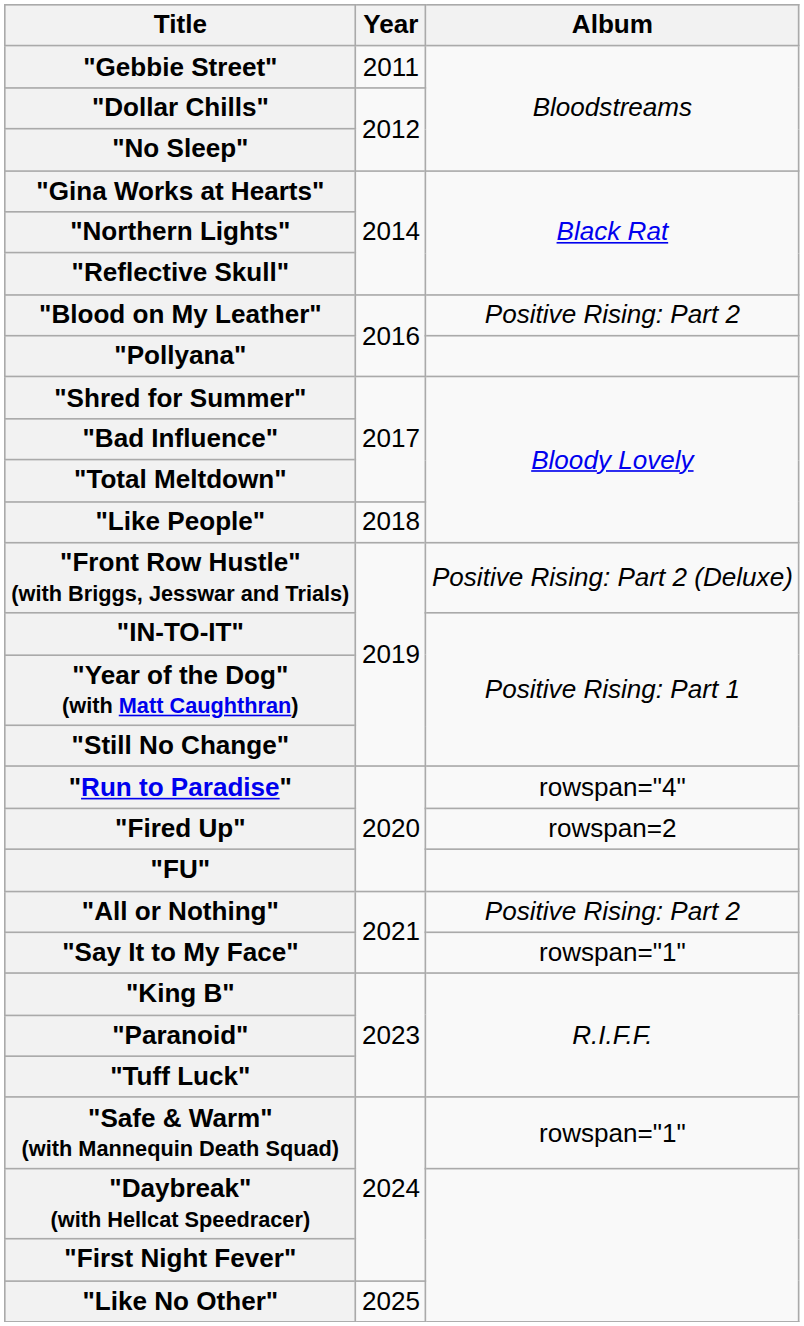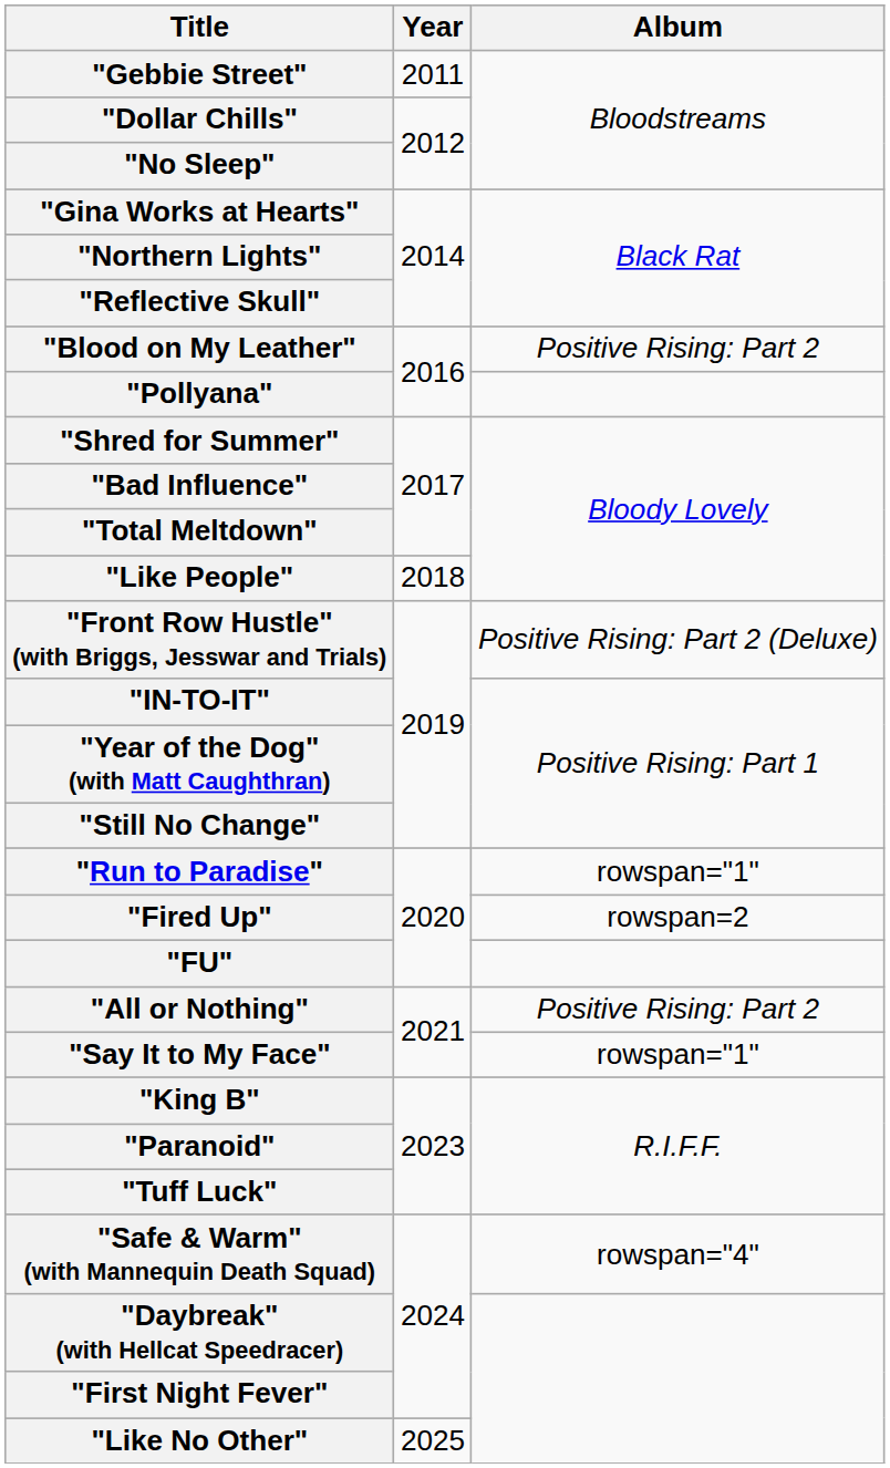 <table class="wikitable plainrowheaders" style="text-align:center;" border="1">
 <tr>
 <th scope="col" style="width:13em;">Title</th>
 <th scope="col" style="width:1em;">Year</th>
 <th scope="col">Album</th>
 </tr>
 <tr>
 <th scope="row">"Gebbie Street"</th>
 <td>2011</td>
 <td rowspan="3"><em>Bloodstreams</em></td>
 </tr>
 <tr>
 <th scope="row">"Dollar Chills"</th>
 <td rowspan="2">2012</td>
 </tr>
 <tr>
 <th scope="row">"No Sleep"</th>
 </tr>
 <tr>
 <th scope="row">"Gina Works at Hearts"</th>
 <td rowspan="3">2014</td>
 <td rowspan="3"><em><a href='#'>Black Rat</a></em></td>
 </tr>
 <tr>
 <th scope="row">"Northern Lights"</th>
 </tr>
 <tr>
 <th scope="row">"Reflective Skull"</th>
 </tr>
 <tr>
 <th scope="row">"Blood on My Leather"</th>
 <td rowspan="2">2016</td>
 <td rowspan="1"><em>Positive Rising: Part 2</em></td>
 </tr>
 <tr>
 <th scope="row">"Pollyana"</th>
 </tr>
 <tr>
 <th scope="row">"Shred for Summer"</th>
 <td rowspan="3">2017</td>
 <td rowspan="4"><em><a href='#'>Bloody Lovely</a></em></td>
 </tr>
 <tr>
 <th scope="row">"Bad Influence"</th>
 </tr>
 <tr>
 <th scope="row">"Total Meltdown"</th>
 </tr>
 <tr>
 <th scope="row">"Like People"</th>
 <td>2018</td>
 </tr>
 <tr>
 <th scope="row">"Front Row Hustle"<br><small>(with Briggs, Jesswar and Trials)</small></th>
 <td rowspan="4">2019</td>
 <td rowspan="1"><em>Positive Rising: Part 2 (Deluxe)</em></td>
 </tr>
 <tr>
 <th scope="row">"IN-TO-IT"</th>
 <td rowspan="3"><em>Positive Rising: Part 1</em></td>
 </tr>
 <tr>
 <th scope="row">"Year of the Dog"<br><small>(with <a href='#'>Matt Caughthran</a>)</small></th>
 </tr>
 <tr>
 <th scope="row">"Still No Change"</th>
 </tr>
 <tr>
 <th scope="row">"<a href='#'>Run to Paradise</a>"</th>
 <td rowspan="3">2020</td>
-<td>rowspan="4" </td>
+<td>rowspan="1" </td>
 </tr>
 <tr>
 <th scope="row">"Fired Up"</th>
 <td>rowspan=2 </td>
 </tr>
 <tr>
 <th scope="row">"FU"</th>
 <td></td>
 </tr>
 <tr>
 <th scope="row">"All or Nothing"</th>
 <td rowspan="2">2021</td>
 <td rowspan="1"><em>Positive Rising: Part 2</em></td>
 </tr>
 <tr>
 <th scope="row">"Say It to My Face"</th>
 <td>rowspan="1" </td>
 </tr>
 <tr>
 <th scope="row">"King B"</th>
 <td rowspan="3">2023</td>
 <td rowspan="3"><em>R.I.F.F.</em></td>
 </tr>
 <tr>
 <th scope="row">"Paranoid"</th>
 </tr>
 <tr>
 <th scope="row">"Tuff Luck"</th>
 </tr>
 <tr>
 <th scope="row">"Safe & Warm"<br><small>(with Mannequin Death Squad)</small></th>
 <td rowspan="3">2024</td>
-<td>rowspan="1" </td>
+<td>rowspan="4" </td>
 </tr>
 <tr>
 <th scope="row">"Daybreak"<br><small>(with Hellcat Speedracer)</small></th>
 </tr>
 <tr>
 <th scope="row">"First Night Fever"</th>
 </tr>
 <tr>
 <th scope="row">"Like No Other"</th>
 <td>2025</td>
 </tr>
 </table>
